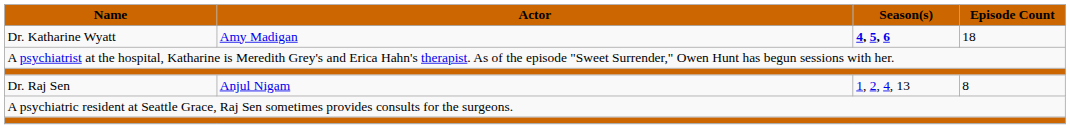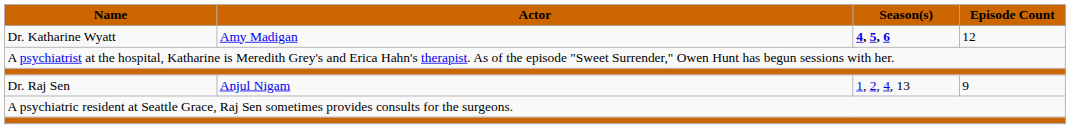 <table class="wikitable" style="width:100%; margin-right:auto;">
 <tr>
 <th style="background-color:#CC6600; width:20%">Name</th>
 <th style="background-color:#CC6600; width:60%">Actor</th>
 <th style="background-color:#CC6600; width:10%">Season(s)</th>
 <th style="background-color:#CC6600; width:10%">Episode Count</th>
 </tr>
 <tr>
 <td>Dr. Katharine Wyatt</td>
 <td><a href='#'>Amy Madigan</a></td>
 <td><strong><a href='#'>4</a>, <a href='#'>5</a>, <a href='#'>6</a></strong></td>
-<td>18</td>
+<td>12</td>
 </tr>
 <tr>
 <td colspan="5">A <a href='#'>psychiatrist</a> at the hospital, Katharine is Meredith Grey's and Erica Hahn's <a href='#'>therapist</a>. As of the episode "Sweet Surrender," Owen Hunt has begun sessions with her.</td>
 </tr>
 <tr>
 <td colspan="5" bgcolor="#CC6600"></td>
 </tr>
 <tr>
 <td>Dr. Raj Sen</td>
 <td><a href='#'>Anjul Nigam</a></td>
 <td><a href='#'>1</a>, <a href='#'>2</a>, <a href='#'>4</a>, 13</td>
-<td>8</td>
+<td>9</td>
 </tr>
 <tr>
 <td colspan="5">A psychiatric resident at Seattle Grace, Raj Sen sometimes provides consults for the surgeons.</td>
 </tr>
 <tr>
 <td colspan="5" bgcolor="#CC6600"></td>
 </tr>
 <tr>
 </tr>
 </table>
